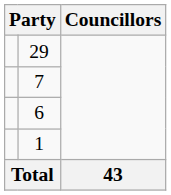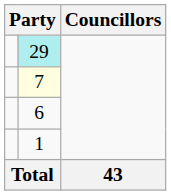 <table class="wikitable">
 <tr>
 <th colspan=2>Party</th>
 <th>Councillors</th>
 </tr>
 <tr>
 <td></td>
-<td align=center>29</td>
+<td align=center style="background: paleturquoise;">29</td>
 </tr>
 <tr>
 <td></td>
-<td align=center>7</td>
+<td align=center style="background: lightyellow;">7</td>
 </tr>
 <tr>
 <td></td>
 <td align=center>6</td>
 </tr>
 <tr>
 <td></td>
 <td align=center>1</td>
 </tr>
 <tr>
 <th colspan=2>Total</th>
 <th align=center>43</th>
 </tr>
 </table>
